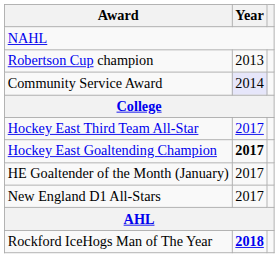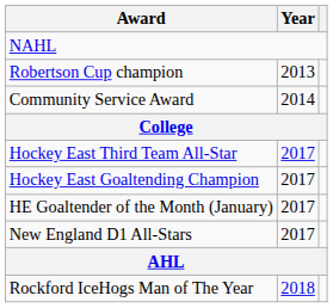 <table class="wikitable">
 <tr>
 <th>Award</th>
 <th>Year</th>
 <th></th>
 </tr>
 <tr>
 <td colspan="3"><a href='#'>NAHL</a></td>
 </tr>
 <tr>
 <td><a href='#'>Robertson Cup</a> champion</td>
 <td>2013</td>
 <td></td>
 </tr>
 <tr>
 <td>Community Service Award</td>
-<td style="background: lavender;">2014</td>
+<td>2014</td>
 <td></td>
 </tr>
 <tr>
 <th colspan="3"><a href='#'>College</a></th>
 </tr>
 <tr>
 <td><a href='#'>Hockey East Third Team All-Star</a></td>
 <td><a href='#'>2017</a></td>
 <td></td>
 </tr>
 <tr>
 <td><a href='#'>Hockey East Goaltending Champion</a></td>
-<td><strong>2017</strong></td>
+<td>2017</td>
 <td></td>
 </tr>
 <tr>
 <td>HE Goaltender of the Month (January)</td>
 <td>2017</td>
 <td></td>
 </tr>
 <tr>
 <td>New England D1 All-Stars</td>
 <td>2017</td>
 <td></td>
 </tr>
 <tr>
 <th colspan="3"><a href='#'>AHL</a></th>
 </tr>
 <tr>
 <td>Rockford IceHogs Man of The Year</td>
-<td><strong><a href='#'>2018</a></strong></td>
+<td><a href='#'>2018</a></td>
 <td></td>
 </tr>
 </table>
